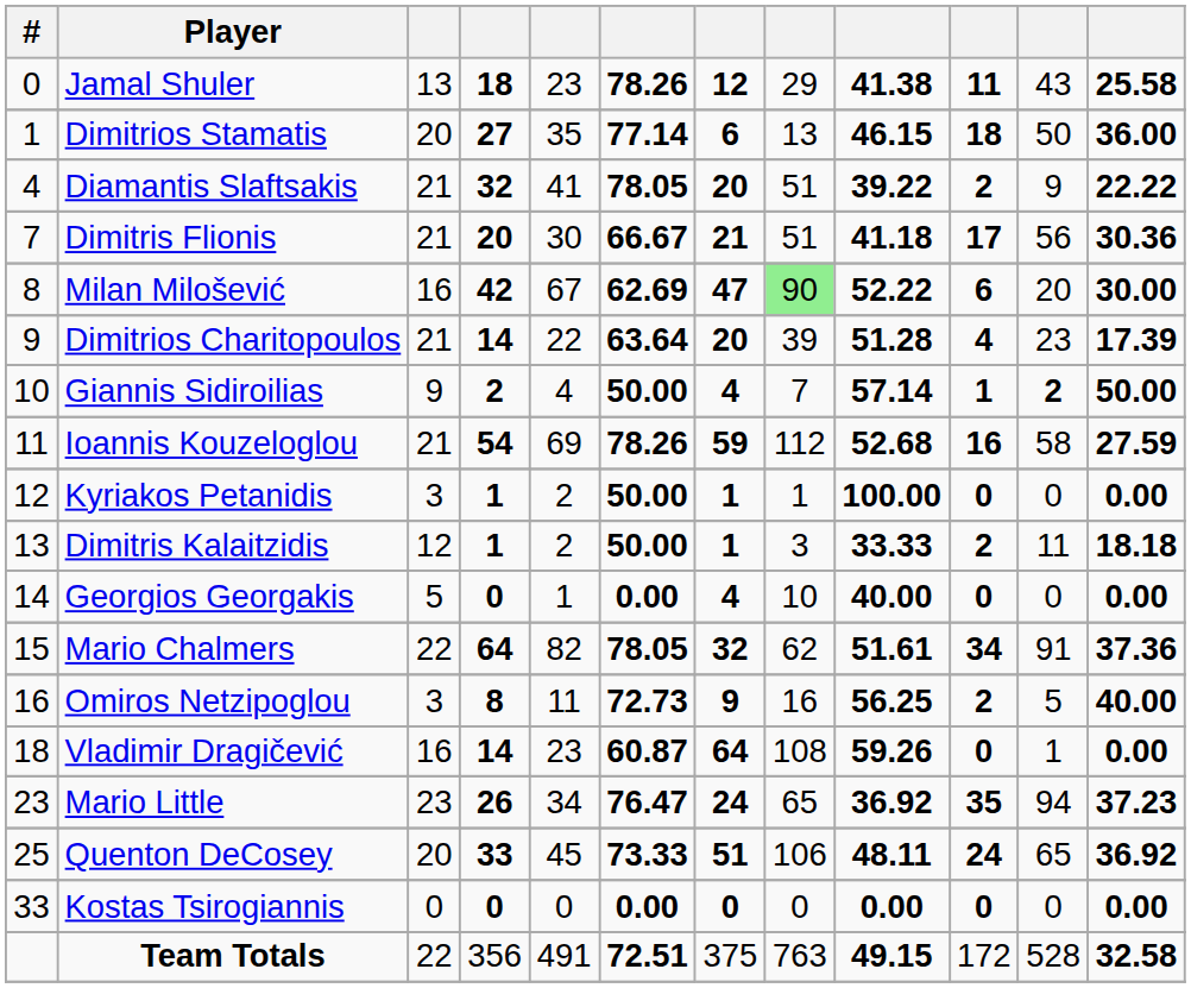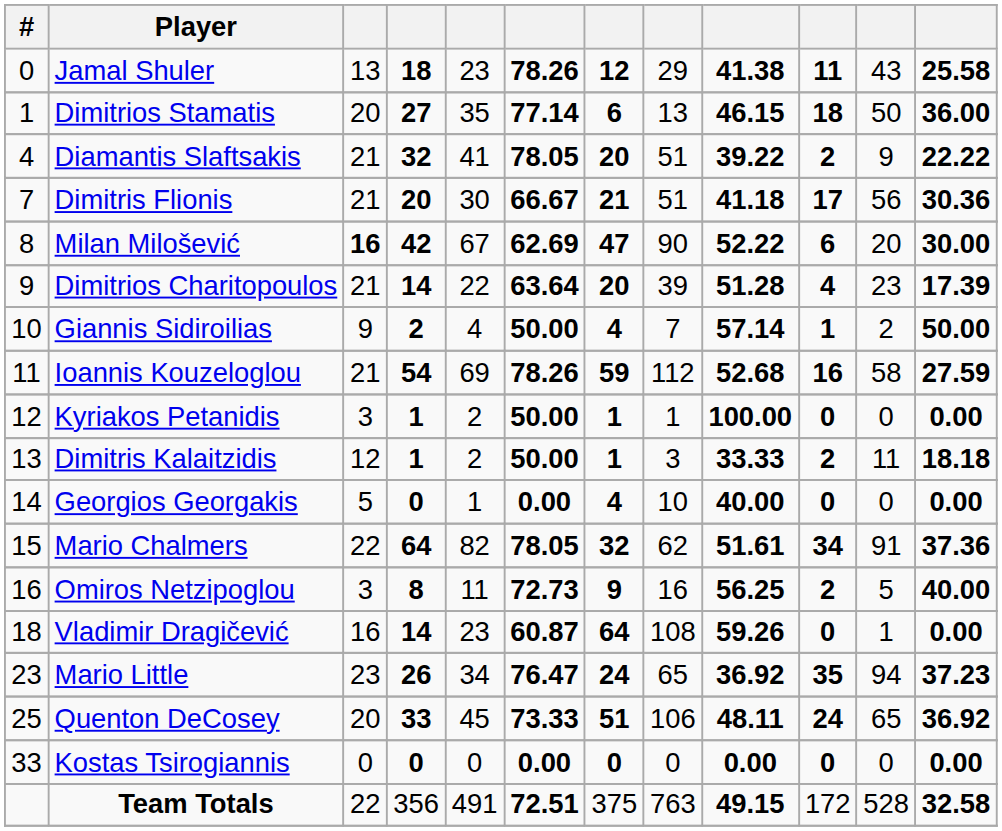 <table class="wikitable sortable" style="font-size:90%; text-align:center;">
 <tr>
 <th>#</th>
 <th>Player</th>
 <th></th>
 <th></th>
 <th></th>
 <th></th>
 <th></th>
 <th></th>
 <th></th>
 <th></th>
 <th></th>
 <th></th>
 </tr>
 <tr>
 <td>0</td>
 <td align="left"> <a href='#'>Jamal Shuler</a></td>
 <td>13</td>
 <td><strong>18</strong></td>
 <td>23</td>
 <td><strong>78.26</strong></td>
 <td><strong>12</strong></td>
 <td>29</td>
 <td><strong>41.38</strong></td>
 <td><strong>11</strong></td>
 <td>43</td>
 <td><strong>25.58</strong></td>
 </tr>
 <tr>
 </tr>
 <tr>
 <td>1</td>
 <td align="left"> <a href='#'>Dimitrios Stamatis</a></td>
 <td>20</td>
 <td><strong>27</strong></td>
 <td>35</td>
 <td><strong>77.14</strong></td>
 <td><strong>6</strong></td>
 <td>13</td>
 <td><strong>46.15</strong></td>
 <td><strong>18</strong></td>
 <td>50</td>
 <td><strong>36.00</strong></td>
 </tr>
 <tr>
 </tr>
 <tr>
 <td>4</td>
 <td align="left"> <a href='#'>Diamantis Slaftsakis</a></td>
 <td>21</td>
 <td><strong>32</strong></td>
 <td>41</td>
 <td><strong>78.05</strong></td>
 <td><strong>20</strong></td>
 <td>51</td>
 <td><strong>39.22</strong></td>
 <td><strong>2</strong></td>
 <td>9</td>
 <td><strong>22.22</strong></td>
 </tr>
 <tr>
 </tr>
 <tr>
 <td>7</td>
 <td align="left"> <a href='#'>Dimitris Flionis</a></td>
 <td>21</td>
 <td><strong>20</strong></td>
 <td>30</td>
 <td><strong>66.67</strong></td>
 <td><strong>21</strong></td>
 <td>51</td>
 <td><strong>41.18</strong></td>
 <td><strong>17</strong></td>
 <td>56</td>
 <td><strong>30.36</strong></td>
 </tr>
 <tr>
 </tr>
 <tr>
 <td>8</td>
 <td align="left"> <a href='#'>Milan Milošević</a></td>
-<td>16</td>
+<td><strong>16</strong></td>
 <td><strong>42</strong></td>
 <td>67</td>
 <td><strong>62.69</strong></td>
 <td><strong>47</strong></td>
-<td style="background: lightgreen;">90</td>
+<td>90</td>
 <td><strong>52.22</strong></td>
 <td><strong>6</strong></td>
 <td>20</td>
 <td><strong>30.00</strong></td>
 </tr>
 <tr>
 </tr>
 <tr>
 <td>9</td>
 <td align="left"> <a href='#'>Dimitrios Charitopoulos</a></td>
 <td>21</td>
 <td><strong>14</strong></td>
 <td>22</td>
 <td><strong>63.64</strong></td>
 <td><strong>20</strong></td>
 <td>39</td>
 <td><strong>51.28</strong></td>
 <td><strong>4</strong></td>
 <td>23</td>
 <td><strong>17.39</strong></td>
 </tr>
 <tr>
 </tr>
 <tr>
 <td>10</td>
 <td align="left"> <a href='#'>Giannis Sidiroilias</a></td>
 <td>9</td>
 <td><strong>2</strong></td>
 <td>4</td>
 <td><strong>50.00</strong></td>
 <td><strong>4</strong></td>
 <td>7</td>
 <td><strong>57.14</strong></td>
 <td><strong>1</strong></td>
-<td><strong>2</strong></td>
+<td>2</td>
 <td><strong>50.00</strong></td>
 </tr>
 <tr>
 </tr>
 <tr>
 <td>11</td>
 <td align="left"> <a href='#'>Ioannis Kouzeloglou</a></td>
 <td>21</td>
 <td><strong>54</strong></td>
 <td>69</td>
 <td><strong>78.26</strong></td>
 <td><strong>59</strong></td>
 <td>112</td>
 <td><strong>52.68</strong></td>
 <td><strong>16</strong></td>
 <td>58</td>
 <td><strong>27.59</strong></td>
 </tr>
 <tr>
 </tr>
 <tr>
 <td>12</td>
 <td align="left"> <a href='#'>Kyriakos Petanidis</a></td>
 <td>3</td>
 <td><strong>1</strong></td>
 <td>2</td>
 <td><strong>50.00</strong></td>
 <td><strong>1</strong></td>
 <td>1</td>
 <td><strong>100.00</strong></td>
 <td><strong>0</strong></td>
 <td>0</td>
 <td><strong>0.00</strong></td>
 </tr>
 <tr>
 </tr>
 <tr>
 <td>13</td>
 <td align="left"> <a href='#'>Dimitris Kalaitzidis</a></td>
 <td>12</td>
 <td><strong>1</strong></td>
 <td>2</td>
 <td><strong>50.00</strong></td>
 <td><strong>1</strong></td>
 <td>3</td>
 <td><strong>33.33</strong></td>
 <td><strong>2</strong></td>
 <td>11</td>
 <td><strong>18.18</strong></td>
 </tr>
 <tr>
 </tr>
 <tr>
 <td>14</td>
 <td align="left"> <a href='#'>Georgios Georgakis</a></td>
 <td>5</td>
 <td><strong>0</strong></td>
 <td>1</td>
 <td><strong>0.00</strong></td>
 <td><strong>4</strong></td>
 <td>10</td>
 <td><strong>40.00</strong></td>
 <td><strong>0</strong></td>
 <td>0</td>
 <td><strong>0.00</strong></td>
 </tr>
 <tr>
 </tr>
 <tr>
 <td>15</td>
 <td align="left"> <a href='#'>Mario Chalmers</a></td>
 <td>22</td>
 <td><strong>64</strong></td>
 <td>82</td>
 <td><strong>78.05</strong></td>
 <td><strong>32</strong></td>
 <td>62</td>
 <td><strong>51.61</strong></td>
 <td><strong>34</strong></td>
 <td>91</td>
 <td><strong>37.36</strong></td>
 </tr>
 <tr>
 </tr>
 <tr>
 <td>16</td>
 <td align="left"> <a href='#'>Omiros Netzipoglou</a></td>
 <td>3</td>
 <td><strong>8</strong></td>
 <td>11</td>
 <td><strong>72.73</strong></td>
 <td><strong>9</strong></td>
 <td>16</td>
 <td><strong>56.25</strong></td>
 <td><strong>2</strong></td>
 <td>5</td>
 <td><strong>40.00</strong></td>
 </tr>
 <tr>
 </tr>
 <tr>
 <td>18</td>
 <td align="left"> <a href='#'>Vladimir Dragičević</a></td>
 <td>16</td>
 <td><strong>14</strong></td>
 <td>23</td>
 <td><strong>60.87</strong></td>
 <td><strong>64</strong></td>
 <td>108</td>
 <td><strong>59.26</strong></td>
 <td><strong>0</strong></td>
 <td>1</td>
 <td><strong>0.00</strong></td>
 </tr>
 <tr>
 </tr>
 <tr>
 <td>23</td>
 <td align="left"> <a href='#'>Mario Little</a></td>
 <td>23</td>
 <td><strong>26</strong></td>
 <td>34</td>
 <td><strong>76.47</strong></td>
 <td><strong>24</strong></td>
 <td>65</td>
 <td><strong>36.92</strong></td>
 <td><strong>35</strong></td>
 <td>94</td>
 <td><strong>37.23</strong></td>
 </tr>
 <tr>
 </tr>
 <tr>
 <td>25</td>
 <td align="left"> <a href='#'>Quenton DeCosey</a></td>
 <td>20</td>
 <td><strong>33</strong></td>
 <td>45</td>
 <td><strong>73.33</strong></td>
 <td><strong>51</strong></td>
 <td>106</td>
 <td><strong>48.11</strong></td>
 <td><strong>24</strong></td>
 <td>65</td>
 <td><strong>36.92</strong></td>
 </tr>
 <tr>
 </tr>
 <tr>
 <td>33</td>
 <td align="left"> <a href='#'>Kostas Tsirogiannis</a></td>
 <td>0</td>
 <td><strong>0</strong></td>
 <td>0</td>
 <td><strong>0.00</strong></td>
 <td><strong>0</strong></td>
 <td>0</td>
 <td><strong>0.00</strong></td>
 <td><strong>0</strong></td>
 <td>0</td>
 <td><strong>0.00</strong></td>
 </tr>
 <tr>
 </tr>
 <tr>
 <td></td>
 <td><strong>Team Totals</strong></td>
 <td>22</td>
 <td>356</td>
 <td>491</td>
 <td><strong>72.51</strong></td>
 <td>375</td>
 <td>763</td>
 <td><strong>49.15</strong></td>
 <td>172</td>
 <td>528</td>
 <td><strong>32.58</strong></td>
 </tr>
 <tr>
 </tr>
 </table>
